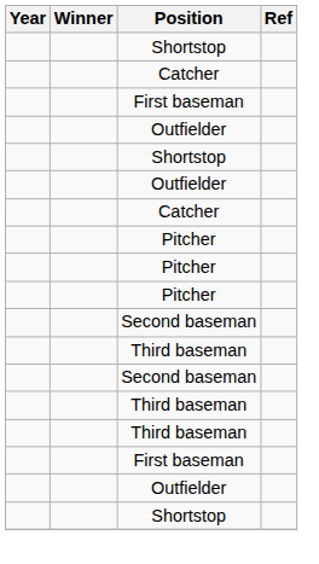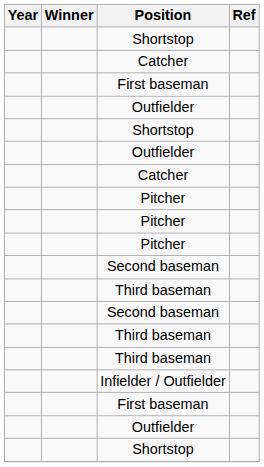 <table class="wikitable sortable" style="text-align:center">
 <tr>
 <th>Year</th>
 <th>Winner</th>
 <th>Position</th>
 <th class=unsortable>Ref</th>
 </tr>
 <tr>
 <td></td>
 <td></td>
 <td>Shortstop</td>
 <td></td>
 </tr>
 <tr>
 <td></td>
 <td></td>
 <td>Catcher</td>
 <td></td>
 </tr>
 <tr>
 <td></td>
 <td></td>
 <td>First baseman</td>
 <td></td>
 </tr>
 <tr>
 <td></td>
 <td></td>
 <td>Outfielder</td>
 <td></td>
 </tr>
 <tr>
 <td></td>
 <td></td>
 <td>Shortstop</td>
 <td></td>
 </tr>
 <tr>
 <td></td>
 <td></td>
 <td>Outfielder</td>
 <td></td>
 </tr>
 <tr>
 <td></td>
 <td></td>
 <td>Catcher</td>
 <td></td>
 </tr>
 <tr>
 <td></td>
 <td></td>
 <td>Pitcher</td>
 <td></td>
 </tr>
 <tr>
 <td></td>
 <td></td>
 <td>Pitcher</td>
 <td></td>
 </tr>
 <tr>
 <td></td>
 <td></td>
 <td>Pitcher</td>
 <td></td>
 </tr>
 <tr>
 <td></td>
 <td></td>
 <td>Second baseman</td>
 <td></td>
 </tr>
 <tr>
 <td></td>
 <td></td>
 <td>Third baseman</td>
 <td></td>
 </tr>
 <tr>
 <td></td>
 <td></td>
 <td>Second baseman</td>
 <td></td>
 </tr>
 <tr>
 <td></td>
 <td></td>
 <td>Third baseman</td>
 <td></td>
 </tr>
 <tr>
 <td></td>
 <td></td>
 <td>Third baseman</td>
 <td></td>
 </tr>
 <tr>
 <td></td>
 <td></td>
+<td>Infielder / Outfielder</td>
+<td></td>
+</tr>
+<tr>
+<td></td>
+<td></td>
 <td>First baseman</td>
 <td></td>
 </tr>
 <tr>
 <td></td>
 <td></td>
 <td>Outfielder</td>
 <td></td>
 </tr>
 <tr>
 <td></td>
 <td></td>
 <td>Shortstop</td>
 <td></td>
 </tr>
 <tr>
 </tr>
 </table>
